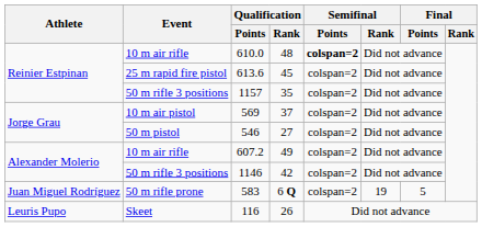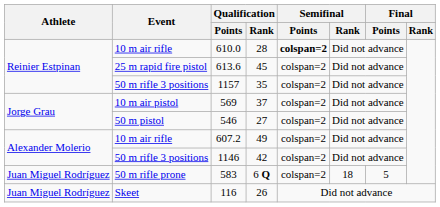 <table class="wikitable" style="font-size:90%">
 <tr>
 <th rowspan="2">Athlete</th>
 <th rowspan="2">Event</th>
 <th colspan=2>Qualification</th>
 <th colspan=2>Semifinal</th>
 <th colspan=2>Final</th>
 </tr>
 <tr style="font-size:95%">
 <th>Points</th>
 <th>Rank</th>
 <th>Points</th>
 <th>Rank</th>
 <th>Points</th>
 <th>Rank</th>
 </tr>
 <tr align=center>
 <td align=left rowspan=3><a href='#'>Reinier Estpinan</a></td>
 <td align=left><a href='#'>10 m air rifle</a></td>
 <td>610.0</td>
-<td>48</td>
+<td>28</td>
 <td><strong>colspan=2 </strong></td>
 <td colspan=2>Did not advance</td>
 </tr>
 <tr align=center>
 <td align=left><a href='#'>25 m rapid fire pistol</a></td>
 <td>613.6</td>
 <td>45</td>
 <td>colspan=2 </td>
 <td colspan=2>Did not advance</td>
 </tr>
 <tr align=center>
 <td align=left><a href='#'>50 m rifle 3 positions</a></td>
 <td>1157</td>
 <td>35</td>
 <td>colspan=2 </td>
 <td colspan=2>Did not advance</td>
 </tr>
 <tr align=center>
 <td align=left rowspan=2><a href='#'>Jorge Grau</a></td>
 <td align=left><a href='#'>10 m air pistol</a></td>
 <td>569</td>
 <td>37</td>
 <td>colspan=2 </td>
 <td colspan=2>Did not advance</td>
 </tr>
 <tr align=center>
 <td align=left><a href='#'>50 m pistol</a></td>
 <td>546</td>
 <td>27</td>
 <td>colspan=2 </td>
 <td colspan=2>Did not advance</td>
 </tr>
 <tr align=center>
 <td align=left rowspan=2><a href='#'>Alexander Molerio</a></td>
 <td align=left><a href='#'>10 m air rifle</a></td>
 <td>607.2</td>
 <td>49</td>
 <td>colspan=2 </td>
 <td colspan=2>Did not advance</td>
 </tr>
 <tr align=center>
 <td align=left><a href='#'>50 m rifle 3 positions</a></td>
 <td>1146</td>
 <td>42</td>
 <td>colspan=2 </td>
 <td colspan=2>Did not advance</td>
 </tr>
 <tr align=center>
 <td align=left><a href='#'>Juan Miguel Rodríguez</a></td>
 <td align=left><a href='#'>50 m rifle prone</a></td>
 <td>583</td>
 <td>6 <strong>Q</strong></td>
 <td>colspan=2 </td>
-<td>19</td>
+<td>18</td>
 <td>5</td>
 </tr>
 <tr align=center>
-<td align=left><a href='#'>Leuris Pupo</a></td>
+<td align=left><a href='#'>Juan Miguel Rodríguez</a></td>
 <td align=left><a href='#'>Skeet</a></td>
 <td>116</td>
 <td>26</td>
 <td colspan=4>Did not advance</td>
 </tr>
 </table>
